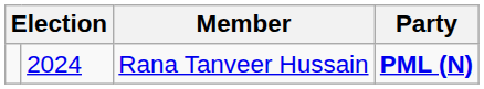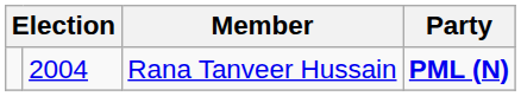 <table class="wikitable">
 <tr>
 <th colspan="2">Election</th>
 <th>Member</th>
 <th>Party</th>
 </tr>
 <tr>
 <td style="background-color: "></td>
-<td><a href='#'>2024</a></td>
+<td><a href='#'>2004</a></td>
 <td><a href='#'>Rana Tanveer Hussain</a></td>
 <td><strong><a href='#'>PML (N)</a></strong></td>
 </tr>
 </table>
